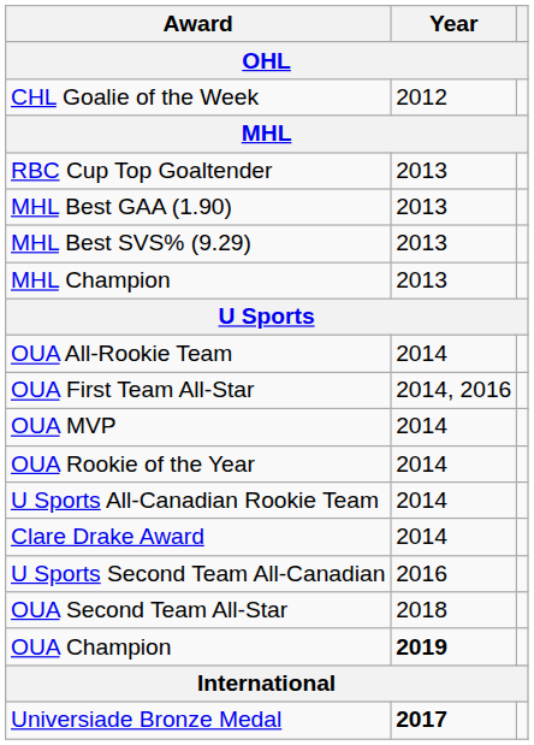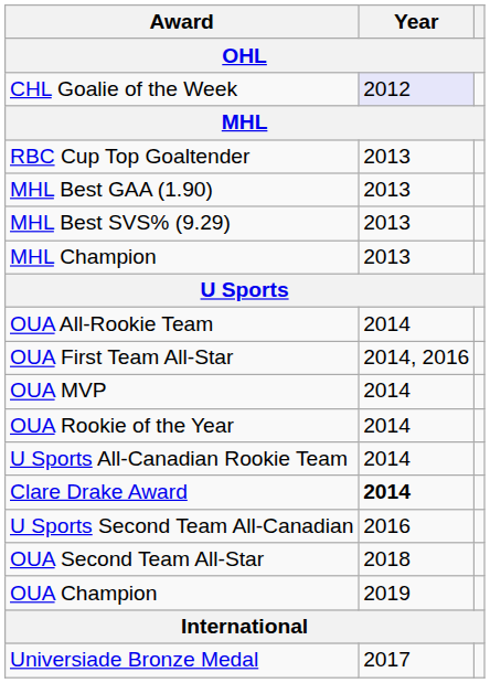 <table class="wikitable">
 <tr>
 <th>Award</th>
 <th>Year</th>
 <th></th>
 </tr>
 <tr ALIGN="center" bgcolor="#e0e0e0">
 <th colspan="3"><a href='#'>OHL</a></th>
 </tr>
 <tr>
 <td><a href='#'>CHL</a> Goalie of the Week</td>
-<td>2012</td>
+<td style="background: lavender;">2012</td>
 <td></td>
 </tr>
 <tr ALIGN="center" bgcolor="#e0e0e0">
 <th colspan="3"><a href='#'>MHL</a></th>
 </tr>
 <tr>
 <td><a href='#'>RBC</a> Cup Top Goaltender</td>
 <td>2013</td>
 <td></td>
 </tr>
 <tr>
 <td><a href='#'>MHL</a> Best GAA (1.90)</td>
 <td>2013</td>
 <td></td>
 </tr>
 <tr>
 <td><a href='#'>MHL</a> Best SVS% (9.29)</td>
 <td>2013</td>
 <td></td>
 </tr>
 <tr>
 <td><a href='#'>MHL</a> Champion</td>
 <td>2013</td>
 <td></td>
 </tr>
 <tr ALIGN="center" bgcolor="#e0e0e0">
 <th colspan="3"><a href='#'>U Sports</a></th>
 </tr>
 <tr>
 <td><a href='#'>OUA</a> All-Rookie Team</td>
 <td>2014</td>
 <td></td>
 </tr>
 <tr>
 <td><a href='#'>OUA</a> First Team All-Star</td>
 <td>2014, 2016</td>
 <td></td>
 </tr>
 <tr>
 <td><a href='#'>OUA</a> MVP</td>
 <td>2014</td>
 <td></td>
 </tr>
 <tr>
 <td><a href='#'>OUA</a> Rookie of the Year</td>
 <td>2014</td>
 <td></td>
 </tr>
 <tr>
 <td><a href='#'>U Sports</a> All-Canadian Rookie Team</td>
 <td>2014</td>
 <td></td>
 </tr>
 <tr>
 <td><a href='#'>Clare Drake Award</a></td>
-<td>2014</td>
+<td><strong>2014</strong></td>
 <td></td>
 </tr>
 <tr>
 <td><a href='#'>U Sports</a> Second Team All-Canadian</td>
 <td>2016</td>
 <td></td>
 </tr>
 <tr>
 <td><a href='#'>OUA</a> Second Team All-Star</td>
 <td>2018</td>
 <td></td>
 </tr>
 <tr>
 <td><a href='#'>OUA</a> Champion</td>
-<td><strong>2019</strong></td>
+<td>2019</td>
 <td></td>
 </tr>
 <tr ALIGN="center" bgcolor="#e0e0e0">
 <th colspan="3">International</th>
 </tr>
 <tr>
 <td><a href='#'>Universiade Bronze Medal</a></td>
-<td><strong>2017</strong></td>
+<td>2017</td>
 <td></td>
 </tr>
 </table>
